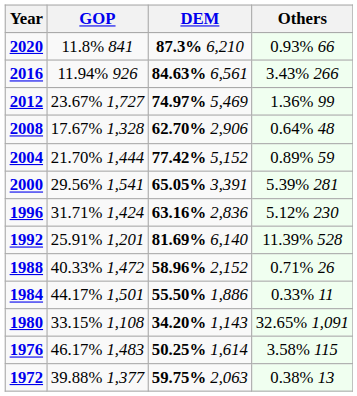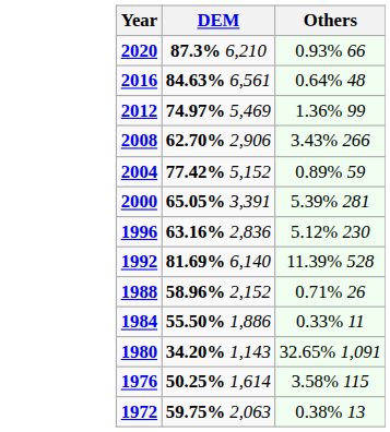 <table class="wikitable" class="toccolours" style="float:right; margin:1em 0 1em 1em; font-size:95%;">
 <tr>
 <th>Year</th>
-<th><a href='#'>GOP</a></th>
 <th><a href='#'>DEM</a></th>
 <th>Others</th>
 </tr>
 <tr>
 <td style="text-align:center; "><strong><a href='#'>2020</a></strong></td>
-<td style="text-align:center; ">11.8% <em>841</em></td>
 <td style="text-align:center; "><strong>87.3%</strong> <em>6,210</em></td>
 <td style="text-align:center; background:honeyDew;">0.93% <em>66</em></td>
 </tr>
 <tr>
 <td style="text-align:center; "><strong><a href='#'>2016</a></strong></td>
-<td style="text-align:center; ">11.94% <em>926</em></td>
 <td style="text-align:center; "><strong>84.63%</strong> <em>6,561</em></td>
-<td style="text-align:center; background:honeyDew;">3.43% <em>266</em></td>
+<td style="text-align:center; background:honeyDew;">0.64% <em>48</em></td>
 </tr>
 <tr>
 <td style="text-align:center; "><strong><a href='#'>2012</a></strong></td>
-<td style="text-align:center; ">23.67% <em>1,727</em></td>
 <td style="text-align:center; "><strong>74.97%</strong> <em>5,469</em></td>
 <td style="text-align:center; background:honeyDew;">1.36% <em>99</em></td>
 </tr>
 <tr>
 <td style="text-align:center; "><strong><a href='#'>2008</a></strong></td>
-<td style="text-align:center; ">17.67% <em>1,328</em></td>
 <td style="text-align:center; "><strong>62.70%</strong> <em>2,906</em></td>
-<td style="text-align:center; background:honeyDew;">0.64% <em>48</em></td>
+<td style="text-align:center; background:honeyDew;">3.43% <em>266</em></td>
 </tr>
 <tr>
 <td style="text-align:center; "><strong><a href='#'>2004</a></strong></td>
-<td style="text-align:center; ">21.70% <em>1,444</em></td>
 <td style="text-align:center; "><strong>77.42%</strong> <em>5,152</em></td>
 <td style="text-align:center; background:honeyDew;">0.89% <em>59</em></td>
 </tr>
 <tr>
 <td style="text-align:center; "><strong><a href='#'>2000</a></strong></td>
-<td style="text-align:center; ">29.56% <em>1,541</em></td>
 <td style="text-align:center; "><strong>65.05%</strong> <em>3,391</em></td>
 <td style="text-align:center; background:honeyDew;">5.39% <em>281</em></td>
 </tr>
 <tr>
 <td style="text-align:center; "><strong><a href='#'>1996</a></strong></td>
-<td style="text-align:center; ">31.71% <em>1,424</em></td>
 <td style="text-align:center; "><strong>63.16%</strong> <em>2,836</em></td>
 <td style="text-align:center; background:honeyDew;">5.12% <em>230</em></td>
 </tr>
 <tr>
 <td style="text-align:center; "><strong><a href='#'>1992</a></strong></td>
-<td style="text-align:center; ">25.91% <em>1,201</em></td>
 <td style="text-align:center; "><strong>81.69%</strong> <em>6,140</em></td>
 <td style="text-align:center; background:honeyDew;">11.39% <em>528</em></td>
 </tr>
 <tr>
 <td style="text-align:center; "><strong><a href='#'>1988</a></strong></td>
-<td style="text-align:center; ">40.33% <em>1,472</em></td>
 <td style="text-align:center; "><strong>58.96%</strong> <em>2,152</em></td>
 <td style="text-align:center; background:honeyDew;">0.71% <em>26</em></td>
 </tr>
 <tr>
 <td style="text-align:center; "><strong><a href='#'>1984</a></strong></td>
-<td style="text-align:center; ">44.17% <em>1,501</em></td>
 <td style="text-align:center; "><strong>55.50%</strong> <em>1,886</em></td>
 <td style="text-align:center; background:honeyDew;">0.33% <em>11</em></td>
 </tr>
 <tr>
 <td style="text-align:center; "><strong><a href='#'>1980</a></strong></td>
-<td style="text-align:center; ">33.15% <em>1,108</em></td>
 <td style="text-align:center; "><strong>34.20%</strong> <em>1,143</em></td>
 <td style="text-align:center; background:honeyDew;">32.65% <em>1,091</em></td>
 </tr>
 <tr>
 <td style="text-align:center; "><strong><a href='#'>1976</a></strong></td>
-<td style="text-align:center; ">46.17% <em>1,483</em></td>
 <td style="text-align:center; "><strong>50.25%</strong> <em>1,614</em></td>
 <td style="text-align:center; background:honeyDew;">3.58% <em>115</em></td>
 </tr>
 <tr>
 <td style="text-align:center; "><strong><a href='#'>1972</a></strong></td>
-<td style="text-align:center; ">39.88% <em>1,377</em></td>
 <td style="text-align:center; "><strong>59.75%</strong> <em>2,063</em></td>
 <td style="text-align:center; background:honeyDew;">0.38% <em>13</em></td>
 </tr>
 </table>
